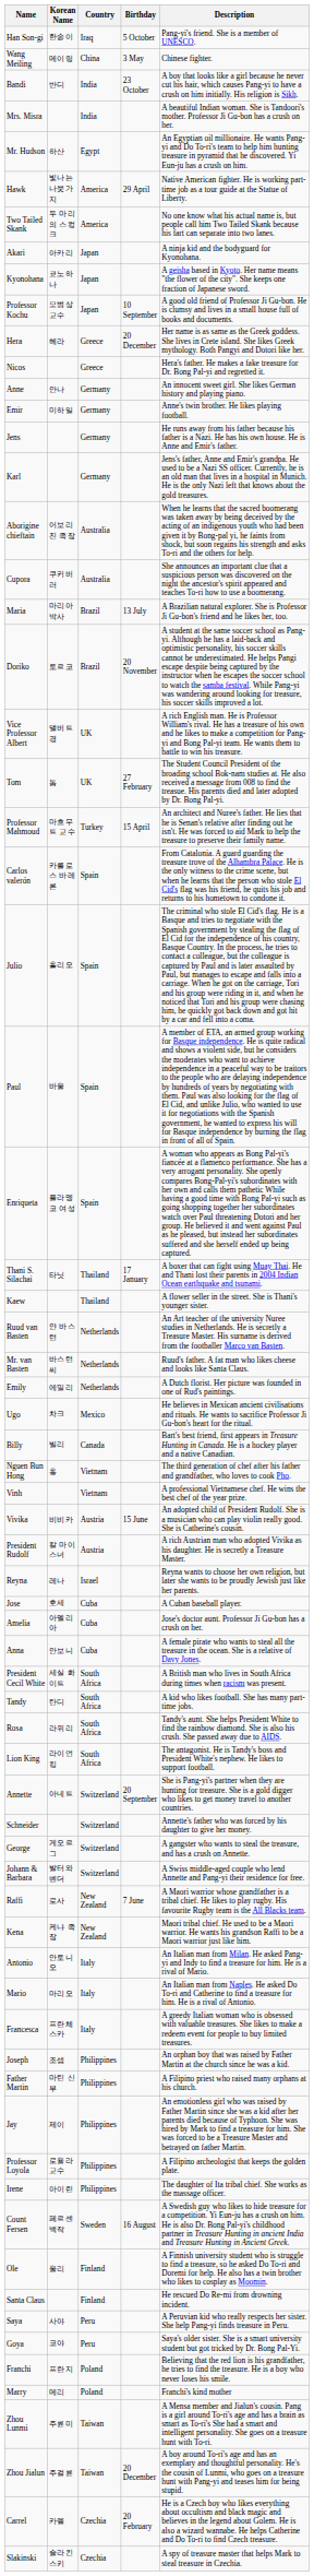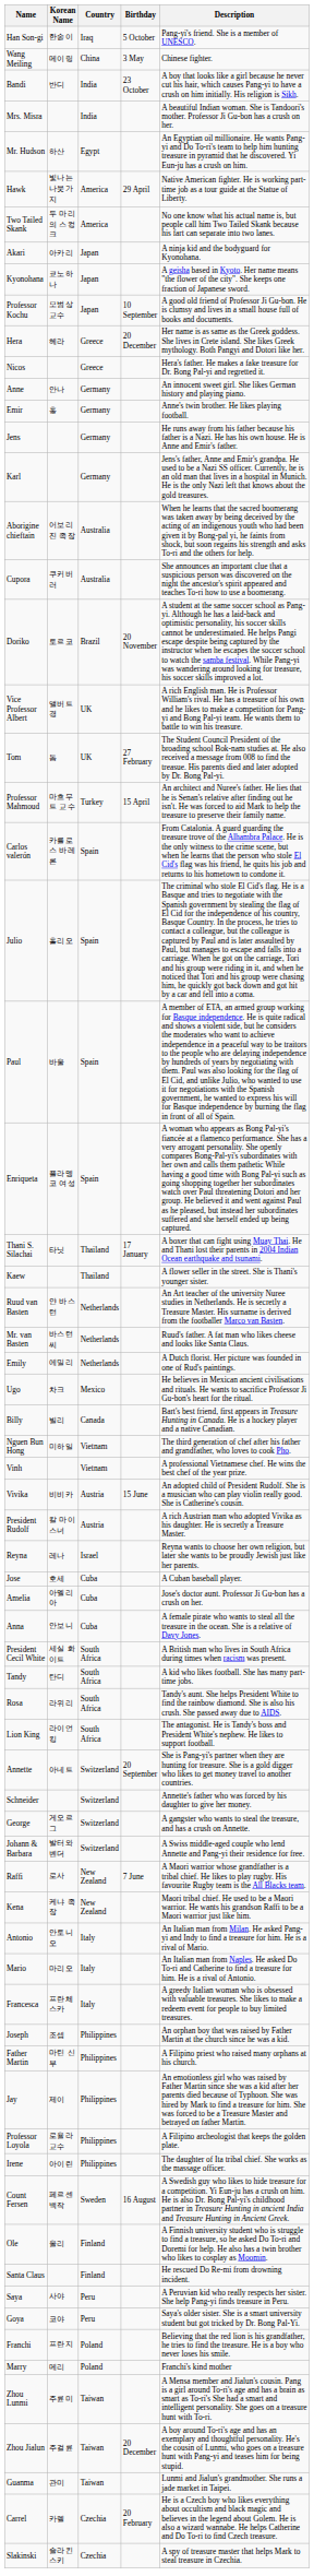 <table class="wikitable">
 <tr>
 <th>Name</th>
 <th>Korean Name</th>
 <th>Country</th>
 <th>Birthday</th>
 <th>Description</th>
 </tr>
 <tr>
 <td>Han Son-gi</td>
 <td>한송이</td>
 <td>Iraq</td>
 <td>5 October</td>
 <td>Pang-yi's friend. She is a member of <a href='#'>UNESCO</a>.</td>
 </tr>
 <tr>
 <td>Wang Meiling</td>
 <td>메이링</td>
 <td>China</td>
 <td>3 May</td>
 <td>Chinese fighter.</td>
 </tr>
 <tr>
 <td>Bandi</td>
 <td>반디</td>
 <td>India</td>
 <td>23 October</td>
 <td>A boy that looks like a girl because he never cut his hair, which causes Pang-yi to have a crush on him initially. His religion is <a href='#'>Sikh</a>.</td>
 </tr>
 <tr>
 <td>Mrs. Misra</td>
 <td></td>
 <td>India</td>
 <td></td>
 <td>A beautiful Indian woman. She is Tandoori's mother. Professor Ji Gu-bon has a crush on her.</td>
 </tr>
 <tr>
 <td>Mr. Hudson</td>
 <td>하산</td>
 <td>Egypt</td>
 <td></td>
 <td>An Egyptian oil millionaire. He wants Pang-yi and Do To-ri's team to help him hunting treasure in pyramid that he discovered. Yi Eun-ju has a crush on him.</td>
 </tr>
 <tr>
 <td>Hawk</td>
 <td>빛나는 나뭇가지</td>
 <td>America</td>
 <td>29 April</td>
 <td>Native American fighter. He is working part-time job as a tour guide at the Statue of Liberty.</td>
 </tr>
 <tr>
 <td>Two Tailed Skank</td>
 <td>두 마리의 스컹크</td>
 <td>America</td>
 <td></td>
 <td>No one know what his actual name is, but people call him Two Tailed Skank because his fart can separate into two lanes.</td>
 </tr>
 <tr>
 <td>Akari</td>
 <td>아카리</td>
 <td>Japan</td>
 <td></td>
 <td>A ninja kid and the bodyguard for Kyonohana.</td>
 </tr>
 <tr>
 <td>Kyonohana</td>
 <td>쿄노하나</td>
 <td>Japan</td>
 <td></td>
 <td>A <a href='#'>geisha</a> based in <a href='#'>Kyoto</a>. Her name means "the flower of the city". She keeps one fraction of Japanese sword.</td>
 </tr>
 <tr>
 <td>Professor Kochu</td>
 <td>모범상 교수</td>
 <td>Japan</td>
 <td>10 September</td>
 <td>A good old friend of Professor Ji Gu-bon. He is clumsy and lives in a small house full of books and documents.</td>
 </tr>
 <tr>
 <td>Hera</td>
 <td>헤라</td>
 <td>Greece</td>
 <td>20 December</td>
 <td>Her name is as same as the Greek goddess. She lives in Crete island. She likes Greek mythology. Both Pangyi and Dotori like her.</td>
 </tr>
 <tr>
 <td>Nicos</td>
 <td></td>
 <td>Greece</td>
 <td></td>
 <td>Hera's father. He makes a fake treasure for Dr. Bong Pal-yi and regretted it.</td>
 </tr>
 <tr>
 <td>Anne</td>
 <td>안나</td>
 <td>Germany</td>
 <td></td>
 <td>An innocent sweet girl. She likes German history and playing piano.</td>
 </tr>
 <tr>
 <td>Emir</td>
-<td>미하일</td>
+<td>훙</td>
 <td>Germany</td>
 <td></td>
 <td>Anne's twin brother. He likes playing football.</td>
 </tr>
 <tr>
 <td>Jens</td>
 <td></td>
 <td>Germany</td>
 <td></td>
 <td>He runs away from his father because his father is a Nazi. He has his own house. He is Anne and Emir's father.</td>
 </tr>
 <tr>
 <td>Karl</td>
 <td></td>
 <td>Germany</td>
 <td></td>
 <td>Jens's father, Anne and Emir's grandpa. He used to be a Nazi SS officer. Currently, he is an old man that lives in a hospital in Munich. He is the only Nazi left that knows about the gold treasures.</td>
 </tr>
 <tr>
 <td>Aborigine chieftain</td>
 <td>어보리진 족장</td>
 <td>Australia</td>
 <td></td>
 <td>When he learns that the sacred boomerang was taken away by being deceived by the acting of an indigenous youth who had been given it by Bong-pal yi, he faints from shock, but soon regains his strength and asks To-ri and the others for help.</td>
 </tr>
 <tr>
 <td>Cupora</td>
 <td>쿠커버러</td>
 <td>Australia</td>
 <td></td>
 <td>She announces an important clue that a suspicious person was discovered on the night the ancestor's spirit appeared and teaches To-ri how to use a boomerang.</td>
-</tr>
-<tr>
-<td>Maria</td>
-<td>마리아 박사</td>
-<td>Brazil</td>
-<td>13 July</td>
-<td>A Brazilian natural explorer. She is Professor Ji Gu-bon's friend and he likes her, too.</td>
 </tr>
 <tr>
 <td>Doriko</td>
 <td>토르코</td>
 <td>Brazil</td>
 <td>20 November</td>
 <td>A student at the same soccer school as Pang-yi. Although he has a laid-back and optimistic personality, his soccer skills cannot be underestimated. He helps Pangi escape despite being captured by the instructor when he escapes the soccer school to watch the <a href='#'>samba festival</a>. While Pang-yi was wandering around looking for treasure, his soccer skills improved a lot.</td>
 </tr>
 <tr>
 <td>Vice Professor Albert</td>
 <td>앨버트 경</td>
 <td>UK</td>
 <td></td>
 <td>A rich English man. He is Professor William's rival. He has a treasure of his own and he likes to make a competition for Pang-yi and Bong Pal-yi team. He wants them to battle to win his treasure.</td>
 </tr>
 <tr>
 <td>Tom</td>
 <td>톰</td>
 <td>UK</td>
 <td>27 February</td>
 <td>The Student Council President of the broading school Bok-nam studies at. He also received a message from 008 to find the treasue. His parents died and later adopted by Dr. Bong Pal-yi.</td>
 </tr>
 <tr>
 <td>Professor Mahmoud</td>
 <td>마흐무트 교수</td>
 <td>Turkey</td>
 <td>15 April</td>
 <td>An architect and Nuree's father. He lies that he is Senan's relative after finding out he isn't. He was forced to aid Mark to help the treasure to preserve their family name.</td>
 </tr>
 <tr>
 <td>Carlos valerón</td>
 <td>카를로스 바레론</td>
 <td>Spain</td>
 <td></td>
 <td>From Catalonia. A guard guarding the treasure trove of the <a href='#'>Alhambra Palace</a>. He is the only witness to the crime scene, but when he learns that the person who stole <a href='#'>El Cid's</a> flag was his friend, he quits his job and returns to his hometown to condone it.</td>
 </tr>
 <tr>
 <td>Julio</td>
 <td>훌리오</td>
 <td>Spain</td>
 <td></td>
 <td>The criminal who stole El Cid's flag.  He is a Basque and tries to negotiate with the Spanish government by stealing the flag of El Cid for the independence of his country, Basque Country. In the process, he tries to contact a colleague, but the colleague is captured by Paul and is later assaulted by Paul, but manages to escape and falls into a carriage. When he got on the carriage, Tori and his group were riding in it, and when he noticed that Tori and his group were chasing him, he quickly got back down and got hit by a car and fell into a coma.</td>
 </tr>
 <tr>
 <td>Paul</td>
 <td>바울</td>
 <td>Spain</td>
 <td></td>
 <td>A member of ETA, an armed group working for <a href='#'>Basque independence</a>.  He is quite radical and shows a violent side, but he considers the moderates who want to achieve independence in a peaceful way to be traitors to the people who are delaying independence by hundreds of years by negotiating with them. Paul was also looking for the flag of El Cid, and unlike Julio, who wanted to use it for negotiations with the Spanish government, he wanted to express his will for Basque independence by burning the flag in front of all of Spain.</td>
 </tr>
 <tr>
 <td>Enriqueta</td>
 <td>플라멩코 여성</td>
 <td>Spain</td>
 <td></td>
 <td>A woman who appears as Bong Pal-yi's fiancée at a flamenco performance. She has a very arrogant personality. She openly compares Bong-Pal-yi's subordinates with her own and calls them pathetic While having a good time with Bong Pal-yi such as going shopping together her subordinates watch over Paul threatening Dotori and her group. He believed it and went against Paul as he pleased, but instead her subordinates suffered and she herself ended up being captured.</td>
 </tr>
 <tr>
 <td>Thani S. Silachai</td>
 <td>타닛</td>
 <td>Thailand</td>
 <td>17 January</td>
 <td>A boxer that can fight using <a href='#'>Muay Thai</a>. He and Thani lost their parents in <a href='#'>2004 Indian Ocean earthquake and tsunami</a>.</td>
 </tr>
 <tr>
 <td>Kaew</td>
 <td></td>
 <td>Thailand</td>
 <td></td>
 <td>A flower seller in the street. She is Thani's younger sister.</td>
 </tr>
 <tr>
 <td>Ruud van Basten</td>
 <td>얀 바스턴</td>
 <td>Netherlands</td>
 <td></td>
 <td>An Art teacher of the university Nuree studies in Netherlands. He is secretly a Treasure Master. His surname is derived from the footballer <a href='#'>Marco van Basten</a>.</td>
 </tr>
 <tr>
 <td>Mr. van Basten</td>
 <td>바스턴 씨</td>
 <td>Netherlands</td>
 <td></td>
 <td>Ruud's father. A fat man who likes cheese and looks like Santa Claus.</td>
 </tr>
 <tr>
 <td>Emily</td>
 <td>에밀리</td>
 <td>Netherlands</td>
 <td></td>
 <td>A Dutch florist. Her picture was founded in one of Rud's paintings.</td>
 </tr>
 <tr>
 <td>Ugo</td>
 <td>차크</td>
 <td>Mexico</td>
 <td></td>
 <td>He believes in Mexican ancient civilisations and rituals. He wants to sacrifice Professor Ji Gu-bon's heart for the ritual.</td>
 </tr>
 <tr>
 <td>Billy</td>
 <td>빌리</td>
 <td>Canada</td>
 <td></td>
 <td>Bart's best friend, first appears in <em>Treasure Hunting in Canada</em>. He is a hockey player and a native Canadian.</td>
 </tr>
 <tr>
 <td>Nguen Bun Hong</td>
-<td>훙</td>
+<td>미하일</td>
 <td>Vietnam</td>
 <td></td>
 <td>The third generation of chef after his father and grandfather, who loves to cook <a href='#'>Pho</a>.</td>
 </tr>
 <tr>
 <td>Vinh</td>
 <td></td>
 <td>Vietnam</td>
 <td></td>
 <td>A professional Vietnamese chef. He wins the best chef of the year prize.</td>
 </tr>
 <tr>
 <td>Vivika</td>
 <td>비비카</td>
 <td>Austria</td>
 <td>15 June</td>
 <td>An adopted child of President Rudolf. She is a musician who can play violin really good. She is Catherine's cousin.</td>
 </tr>
 <tr>
 <td>President Rudolf</td>
 <td>칼 마이스너</td>
 <td>Austria</td>
 <td></td>
 <td>A rich Austrian man who adopted Vivika as his daughter. He is secretly a Treasure Master.</td>
 </tr>
 <tr>
 <td>Reyna</td>
 <td>레나</td>
 <td>Israel</td>
 <td></td>
 <td>Reyna wants to choose her own religion, but later she wants to be proudly Jewish just like her parents.</td>
 </tr>
 <tr>
 <td>Jose</td>
 <td>호세</td>
 <td>Cuba</td>
 <td></td>
 <td>A Cuban baseball player.</td>
 </tr>
 <tr>
 <td>Amelia</td>
 <td>아멜리아</td>
 <td>Cuba</td>
 <td></td>
 <td>Jose's doctor aunt. Professor Ji Gu-bon has a crush on her.</td>
 </tr>
 <tr>
 <td>Anna</td>
 <td>안보니</td>
 <td>Cuba</td>
 <td></td>
 <td>A female pirate who wants to steal all the treasure in the ocean. She is a relative of <a href='#'>Davy Jones</a>.</td>
 </tr>
 <tr>
 <td>President Cecil White</td>
 <td>세실 화이트</td>
 <td>South Africa</td>
 <td></td>
 <td>A British man who lives in South Africa during times when <a href='#'>racism</a> was present.</td>
 </tr>
 <tr>
 <td>Tandy</td>
 <td>탄디</td>
 <td>South Africa</td>
 <td></td>
 <td>A kid who likes football. She has many part-time jobs.</td>
 </tr>
 <tr>
 <td>Rosa</td>
 <td>라위리</td>
 <td>South Africa</td>
 <td></td>
 <td>Tandy's aunt. She helps President White to find the rainbow diamond. She is also his crush. She passed away due to <a href='#'>AIDS</a>.</td>
 </tr>
 <tr>
 <td>Lion King</td>
 <td>라이언 킹</td>
 <td>South Africa</td>
 <td></td>
 <td>The antagonist. He is Tandy's boss and President White's nephew. He likes to support football.</td>
 </tr>
 <tr>
 <td>Annette</td>
 <td>아네트</td>
 <td>Switzerland</td>
 <td>20 September</td>
 <td>She is Pang-yi's partner when they are hunting for treasure. She is a gold digger who likes to get money travel to another countries.</td>
 </tr>
 <tr>
 <td>Schneider</td>
 <td></td>
 <td>Switzerland</td>
 <td></td>
 <td>Annette's father who was forced by his daughter to give her money.</td>
 </tr>
 <tr>
 <td>George</td>
 <td>게오르그</td>
 <td>Switzerland</td>
 <td></td>
 <td>A gangster who wants to steal the treasure, and has a crush on Annette.</td>
 </tr>
 <tr>
 <td>Johann & Barbara</td>
 <td>발터와 벤더</td>
 <td>Switzerland</td>
 <td></td>
 <td>A Swiss middle-aged couple who lend Annette and Pang-yi their residence for free.</td>
 </tr>
 <tr>
 <td>Raffi</td>
 <td>로사</td>
 <td>New Zealand</td>
 <td>7 June</td>
 <td>A Maori warrior whose grandfather is a tribal chief. He likes to play rugby. His favourite Rugby team is the <a href='#'>All Blacks team</a>.</td>
 </tr>
 <tr>
 <td>Kena</td>
 <td>케냐 족장</td>
 <td>New Zealand</td>
 <td></td>
 <td>Maori tribal chief. He used to be a Maori warrior. He wants his grandson Raffi to be a Maori warrior just like him.</td>
 </tr>
 <tr>
 <td>Antonio</td>
 <td>안토니오</td>
 <td>Italy</td>
 <td></td>
 <td>An Italian man from <a href='#'>Milan</a>. He asked Pang-yi and Indy to find a treasure for him. He is a rival of Mario.</td>
 </tr>
 <tr>
 <td>Mario</td>
 <td>마리오</td>
 <td>Italy</td>
 <td></td>
 <td>An Italian man from <a href='#'>Naples</a>. He asked Do To-ri and Catherine to find a treasure for him. He is a rival of Antonio.</td>
 </tr>
 <tr>
 <td>Francesca</td>
 <td>프란체스카</td>
 <td>Italy</td>
 <td></td>
 <td>A greedy Italian woman who is obsessed with valuable treasures. She likes to make a redeem event for people to buy limited treasures.</td>
 </tr>
 <tr>
 <td>Joseph</td>
 <td>조셉</td>
 <td>Philippines</td>
 <td></td>
 <td>An orphan boy that was raised by Father Martin at the church since he was a kid.</td>
 </tr>
 <tr>
 <td>Father Martin</td>
 <td>마틴 신부</td>
 <td>Philippines</td>
 <td></td>
 <td>A Filipino priest who raised many orphans at his church.</td>
 </tr>
 <tr>
 <td>Jay</td>
 <td>제이</td>
 <td>Philippines</td>
 <td></td>
 <td>An emotionless girl who was raised by Father Martin since she was a kid after her parents died because of Typhoon. She was hired by Mark to find a treasure for him. She was forced to be a Treasure Master and betrayed on father Martin.</td>
 </tr>
 <tr>
 <td>Professor Loyola</td>
 <td>로욜라 교수</td>
 <td>Philippines</td>
 <td></td>
 <td>A Filipino archeologist that keeps the golden plate.</td>
 </tr>
 <tr>
 <td>Irene</td>
 <td>아이린</td>
 <td>Philippines</td>
 <td></td>
 <td>The daughter of Ita tribal chief. She works as the massage officer.</td>
 </tr>
 <tr>
 <td>Count Fersen</td>
 <td>페르센 백작</td>
 <td>Sweden</td>
 <td>16 August</td>
 <td>A Swedish guy who likes to hide treasure for a competition. Yi Eun-ju has a crush on him. He is also Dr. Bong Pal-yi's childhood partner in <em>Treasure Hunting in ancient India</em> and <em>Treasure Hunting in Ancient Greek</em>.</td>
 </tr>
 <tr>
 <td>Ole</td>
 <td>올리</td>
 <td>Finland</td>
 <td></td>
 <td>A Finnish university student who is struggle to find a treasure, so he asked Do To-ri and Doremi for help. He also has a twin brother who likes to cosplay as <a href='#'>Moomin</a>.</td>
 </tr>
 <tr>
 <td>Santa Claus</td>
 <td></td>
 <td>Finland</td>
 <td></td>
 <td>He rescued Do Re-mi from drowning incident.</td>
 </tr>
 <tr>
 <td>Saya</td>
 <td>사야</td>
 <td>Peru</td>
 <td></td>
 <td>A Peruvian kid who really respects her sister. She help Pang-yi finds treasure in Peru.</td>
 </tr>
 <tr>
 <td>Goya</td>
 <td>코야</td>
 <td>Peru</td>
 <td></td>
 <td>Saya's older sister. She is a smart university student but got tricked by Dr. Bong Pal-Yi.</td>
 </tr>
 <tr>
 <td>Franchi</td>
 <td>프란지</td>
 <td>Poland</td>
 <td></td>
 <td>Believing that the red lion is his grandfather, he tries to find the treasure. He is a boy who never loses his smile.</td>
 </tr>
 <tr>
 <td>Marry</td>
 <td>메리</td>
 <td>Poland</td>
 <td></td>
 <td>Franchi's kind mother</td>
 </tr>
 <tr>
 <td>Zhou Lunmi</td>
 <td>주륜미</td>
 <td>Taiwan</td>
 <td></td>
 <td>A Mensa member and Jialun's cousin.  Pang is a girl around To-ri's age and has a brain as smart as To-ri's She had a smart and intelligent personality. She goes on a treasure hunt with To-ri.</td>
 </tr>
 <tr>
 <td>Zhou Jialun</td>
 <td>주걸륜</td>
 <td>Taiwan</td>
 <td>20 December</td>
 <td>A boy around To-ri's age and has an exemplary and thoughtful personality. He's the cousin of Lunmi, who goes on a treasure hunt with Pang-yi and teases him for being stupid.</td>
 </tr>
 <tr>
+<td>Guanma</td>
+<td>관미</td>
+<td>Taiwan</td>
+<td></td>
+<td>Lunmi and Jialun's grandmother. She runs a jade market in Taipei.</td>
+</tr>
+<tr>
 <td>Carrel</td>
 <td>카렐</td>
 <td>Czechia</td>
 <td>20 February</td>
 <td>He is a Czech boy who likes everything about occultism and black magic and believes in the legend about Golem. He is also a wizard wannabe. He helps Catherine and Do To-ri to find Czech treasure.</td>
 </tr>
 <tr>
 <td>Slakinski</td>
 <td>슬라킨스키</td>
 <td>Czechia</td>
 <td></td>
 <td>A spy of treasure master that helps Mark to steal treasure in Czechia.</td>
 </tr>
 </table>
